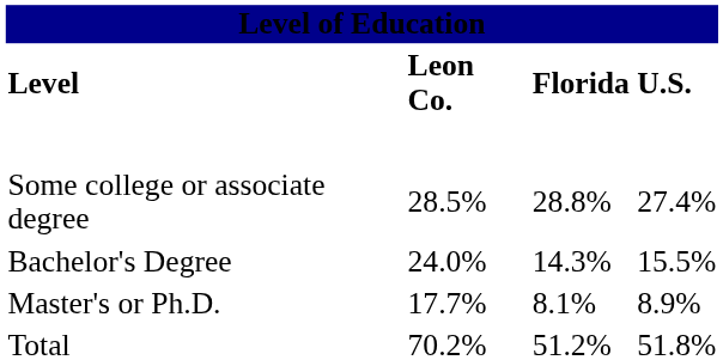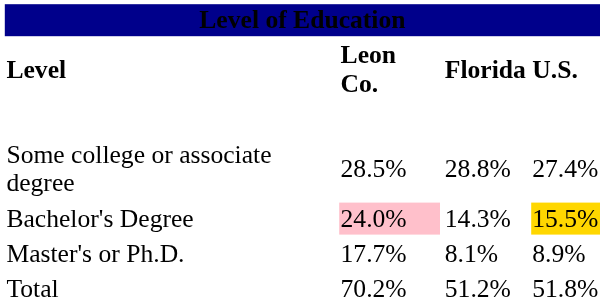 <table class="toccolours"  style="fixed:right; margin-left:1em; width:380px;">
 <tr>
 <th colspan="4" style="text-align: center; background:darkblue"><span><strong>Level of Education</strong></span></th>
 </tr>
 <tr>
 <td><strong>Level</strong></td>
 <td><strong>Leon Co.</strong></td>
 <td><strong>Florida</strong></td>
 <td><strong>U.S.</strong></td>
 </tr>
 <tr>
 <td colspan="4"><br></td>
 </tr>
 <tr>
 <td>Some college or associate degree</td>
 <td>28.5%</td>
 <td>28.8%</td>
 <td>27.4%</td>
 </tr>
 <tr>
 <td>Bachelor's Degree</td>
-<td>24.0%</td>
+<td style="background: pink;">24.0%</td>
 <td>14.3%</td>
-<td>15.5%</td>
+<td style="background: gold;">15.5%</td>
 </tr>
 <tr>
 <td>Master's or Ph.D.</td>
 <td>17.7%</td>
 <td>8.1%</td>
 <td>8.9%</td>
 </tr>
 <tr>
 <td>Total</td>
 <td>70.2%</td>
 <td>51.2%</td>
 <td>51.8%</td>
 <td></td>
 </tr>
 </table>
